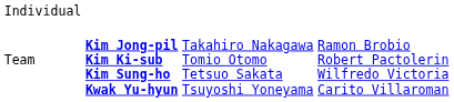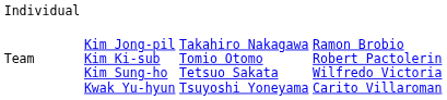 <table>
 <tr>
 <td>Individual<br></td>
 <td></td>
 <td></td>
 <td></td>
 </tr>
 <tr>
 <td>Team<br></td>
-<td><strong><br><a href='#'>Kim Jong-pil</a><br><a href='#'>Kim Ki-sub</a><br><a href='#'>Kim Sung-ho</a><br><a href='#'>Kwak Yu-hyun</a></strong></td>
+<td><br><a href='#'>Kim Jong-pil</a><br><a href='#'>Kim Ki-sub</a><br><a href='#'>Kim Sung-ho</a><br><a href='#'>Kwak Yu-hyun</a></td>
 <td><br><a href='#'>Takahiro Nakagawa</a><br><a href='#'>Tomio Otomo</a><br><a href='#'>Tetsuo Sakata</a><br><a href='#'>Tsuyoshi Yoneyama</a></td>
 <td><br><a href='#'>Ramon Brobio</a><br><a href='#'>Robert Pactolerin</a><br><a href='#'>Wilfredo Victoria</a><br><a href='#'>Carito Villaroman</a></td>
 </tr>
 </table>
